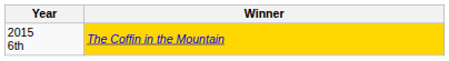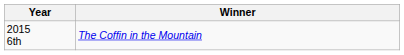 <table class="wikitable" style="width:600px">
 <tr>
 <th>Year</th>
 <th>Winner</th>
 </tr>
 <tr>
 <td>2015<br>6th</td>
-<td style="background: gold;"><em><a href='#'>The Coffin in the Mountain</a></em></td>
+<td><em><a href='#'>The Coffin in the Mountain</a></em></td>
 </tr>
 </table>
